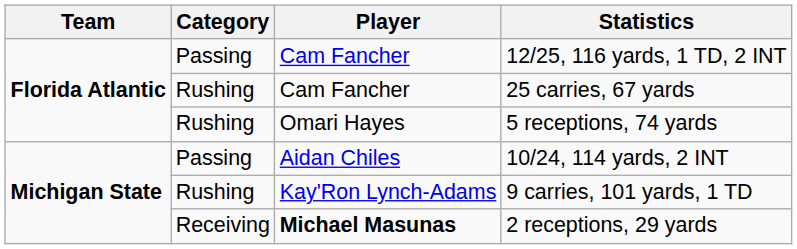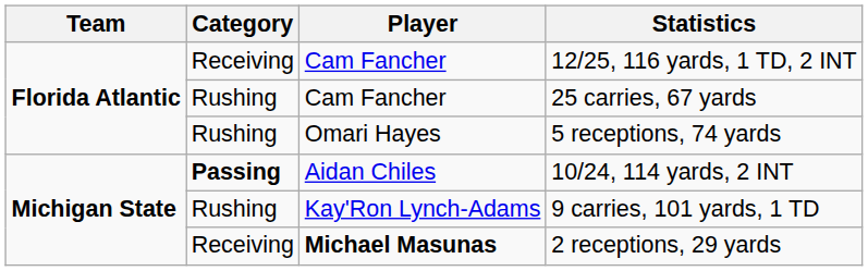 <table class="wikitable" style="float: right;">
 <tr>
 <th>Team</th>
 <th>Category</th>
 <th>Player</th>
 <th>Statistics</th>
 </tr>
 <tr>
 <td rowspan=3><strong>Florida Atlantic</strong></td>
-<td>Passing</td>
+<td>Receiving</td>
 <td><a href='#'>Cam Fancher</a></td>
 <td>12/25, 116 yards, 1 TD, 2 INT</td>
 </tr>
 <tr>
 <td>Rushing</td>
 <td>Cam Fancher</td>
 <td>25 carries, 67 yards</td>
 </tr>
 <tr>
 <td>Rushing</td>
 <td>Omari Hayes</td>
 <td>5 receptions, 74 yards</td>
 </tr>
 <tr>
 <td rowspan=3><strong>Michigan State</strong></td>
-<td>Passing</td>
+<td><strong>Passing</strong></td>
 <td><a href='#'>Aidan Chiles</a></td>
 <td>10/24, 114 yards, 2 INT</td>
 </tr>
 <tr>
 <td>Rushing</td>
 <td><a href='#'>Kay'Ron Lynch-Adams</a></td>
 <td>9 carries, 101 yards, 1 TD</td>
 </tr>
 <tr>
 <td>Receiving</td>
 <td><strong>Michael Masunas</strong></td>
 <td>2 receptions, 29 yards</td>
 </tr>
 </table>
